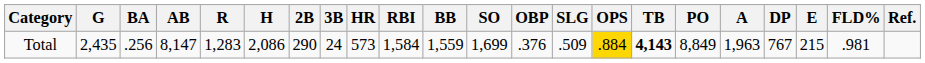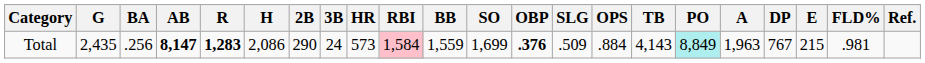 <table class="wikitable"  style="font-size: 95%; text-align:center;">
 <tr>
 <th>Category</th>
 <th>G</th>
 <th>BA</th>
 <th>AB</th>
 <th>R</th>
 <th>H</th>
 <th>2B</th>
 <th>3B</th>
 <th>HR</th>
 <th>RBI</th>
 <th>BB</th>
 <th>SO</th>
 <th>OBP</th>
 <th>SLG</th>
 <th>OPS</th>
 <th>TB</th>
 <th>PO</th>
 <th>A</th>
 <th>DP</th>
 <th>E</th>
 <th>FLD%</th>
 <th>Ref.</th>
 </tr>
 <tr>
 <td>Total</td>
 <td>2,435</td>
 <td>.256</td>
-<td>8,147</td>
-<td>1,283</td>
+<td><strong>8,147</strong></td>
+<td><strong>1,283</strong></td>
 <td>2,086</td>
 <td>290</td>
 <td>24</td>
 <td>573</td>
-<td>1,584</td>
+<td style="background: pink;">1,584</td>
 <td>1,559</td>
 <td>1,699</td>
-<td>.376</td>
+<td><strong>.376</strong></td>
 <td>.509</td>
-<td style="background: gold;">.884</td>
-<td><strong>4,143</strong></td>
-<td>8,849</td>
+<td>.884</td>
+<td>4,143</td>
+<td style="background: paleturquoise;">8,849</td>
 <td>1,963</td>
 <td>767</td>
 <td>215</td>
 <td>.981</td>
 <td></td>
 </tr>
 </table>
